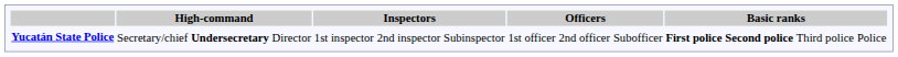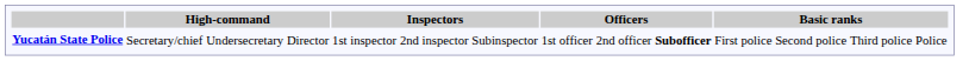 <table style="border:1px solid #8888aa; background-color:#f7f8ff; padding:5px; font-size:95%; margin: 0px 12px 12px 0px;">
 <tr bgcolor="#CCCCCC">
 <th></th>
 <th colspan=3>High-command</th>
 <th colspan=3>Inspectors</th>
 <th colspan=3>Officers</th>
 <th colspan=4>Basic ranks</th>
 </tr>
 <tr style="text-align:center;">
 <td rowspan=2><strong> <a href='#'>Yucatán State Police</a></strong></td>
 <td></td>
 <td></td>
 <td></td>
 <td></td>
 <td></td>
 <td></td>
 <td></td>
 <td></td>
 <td></td>
 <td></td>
 <td></td>
 <td></td>
 <td></td>
 </tr>
 <tr style="text-align:center;">
 <td>Secretary/chief</td>
-<td><strong>Undersecretary</strong></td>
+<td>Undersecretary</td>
 <td>Director</td>
 <td>1st inspector</td>
 <td>2nd inspector</td>
 <td>Subinspector</td>
 <td>1st officer</td>
 <td>2nd officer</td>
-<td>Subofficer</td>
-<td><strong>First police</strong></td>
-<td><strong>Second police</strong></td>
+<td><strong>Subofficer</strong></td>
+<td>First police</td>
+<td>Second police</td>
 <td>Third police</td>
 <td>Police</td>
 </tr>
 </table>
